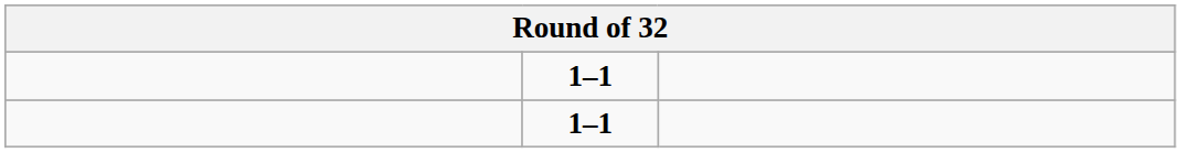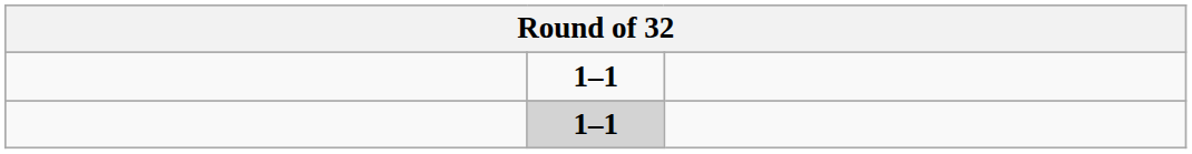 <table class="wikitable" style="text-align: center;">
 <tr>
 <th colspan=3>Round of 32</th>
 </tr>
 <tr>
 <td align=left width="270"></td>
 <td align=center width="65"><strong>1–1</strong></td>
 <td align=left width="270"><strong></strong></td>
 </tr>
 <tr>
 <td align=left></td>
-<td align=center><strong>1–1</strong></td>
+<td align=center style="background: lightgrey;"><strong>1–1</strong></td>
 <td align=left><strong></strong></td>
 </tr>
 </table>
